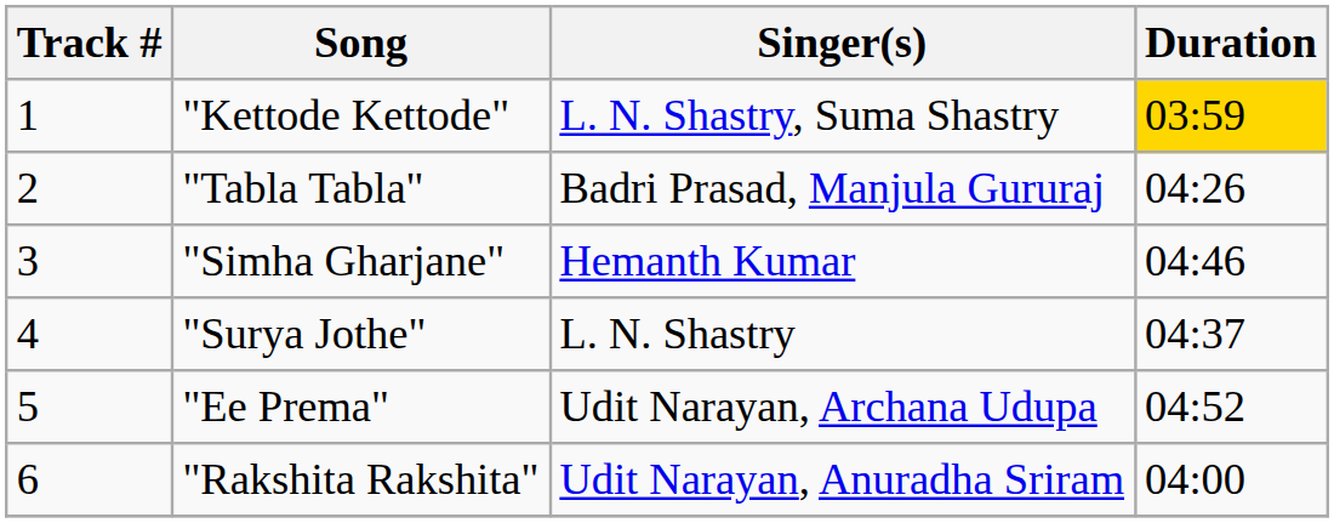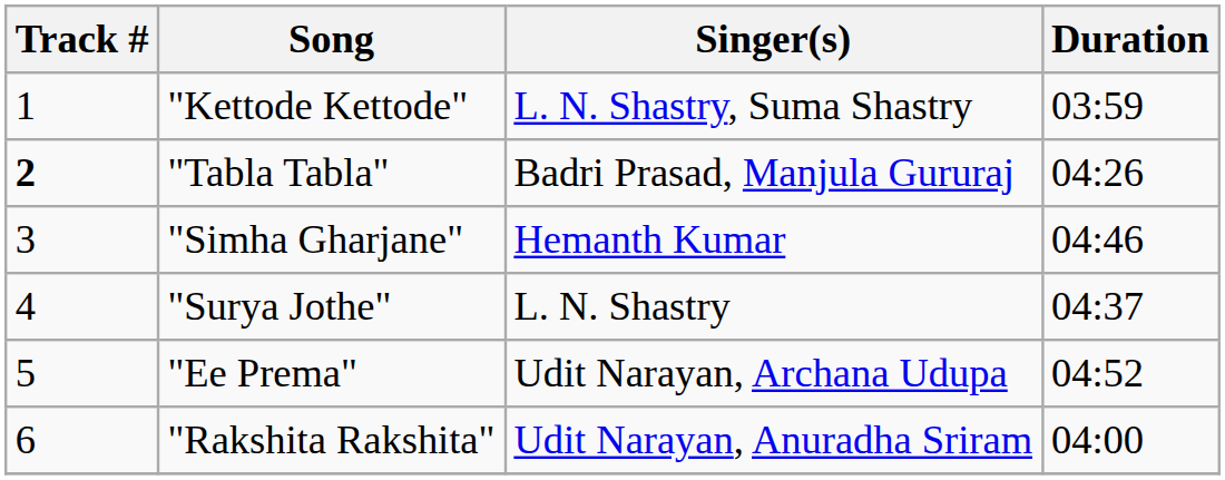 <table class="wikitable" style="font-size:95%;">
 <tr>
 <th>Track #</th>
 <th>Song</th>
 <th>Singer(s)</th>
 <th>Duration</th>
 </tr>
 <tr>
 <td>1</td>
 <td>"Kettode Kettode"</td>
 <td><a href='#'>L. N. Shastry</a>, Suma Shastry</td>
-<td style="background: gold;">03:59</td>
+<td>03:59</td>
 </tr>
 <tr>
-<td>2</td>
+<td><strong>2</strong></td>
 <td>"Tabla Tabla"</td>
 <td>Badri Prasad, <a href='#'>Manjula Gururaj</a></td>
 <td>04:26</td>
 </tr>
 <tr>
 <td>3</td>
 <td>"Simha Gharjane"</td>
 <td><a href='#'>Hemanth Kumar</a></td>
 <td>04:46</td>
 </tr>
 <tr>
 <td>4</td>
 <td>"Surya Jothe"</td>
 <td>L. N. Shastry</td>
 <td>04:37</td>
 </tr>
 <tr>
 <td>5</td>
 <td>"Ee Prema"</td>
 <td>Udit Narayan, <a href='#'>Archana Udupa</a></td>
 <td>04:52</td>
 </tr>
 <tr>
 <td>6</td>
 <td>"Rakshita Rakshita"</td>
 <td><a href='#'>Udit Narayan</a>, <a href='#'>Anuradha Sriram</a></td>
 <td>04:00</td>
 </tr>
 <tr>
 </tr>
 </table>
